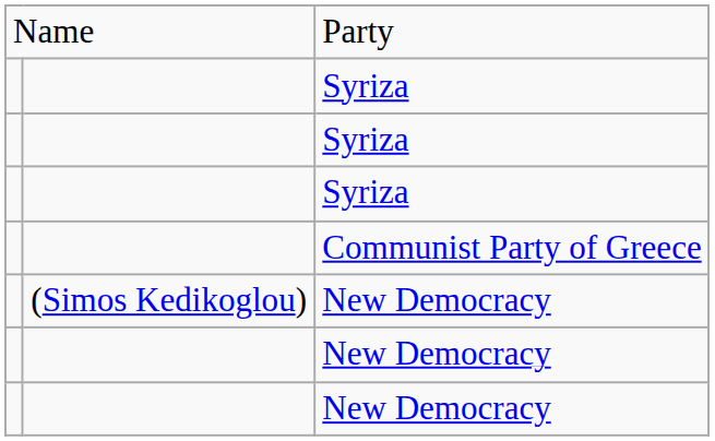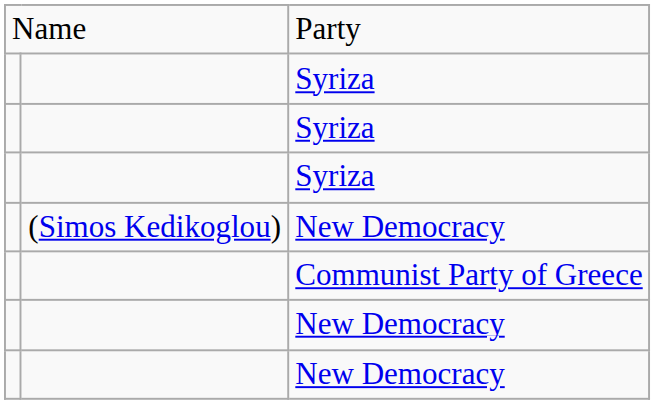 <table class="wikitable">
 <tr>
 <td colspan="2">Name</td>
 <td>Party</td>
 </tr>
 <tr>
 <td width="1" style="color:inherit;background:"></td>
 <td></td>
 <td><a href='#'>Syriza</a></td>
 </tr>
 <tr>
 <td width="1" style="color:inherit;background:"></td>
 <td></td>
 <td><a href='#'>Syriza</a></td>
 </tr>
 <tr>
 <td width="1" style="color:inherit;background:"></td>
 <td></td>
 <td><a href='#'>Syriza</a></td>
 </tr>
 <tr>
 <td width="1" style="color:inherit;background:"></td>
-<td></td>
-<td><a href='#'>Communist Party of Greece</a></td>
+<td> (<a href='#'>Simos Kedikoglou</a>)</td>
+<td><a href='#'>New Democracy</a></td>
 </tr>
 <tr>
 <td width="1" style="color:inherit;background:"></td>
-<td> (<a href='#'>Simos Kedikoglou</a>)</td>
-<td><a href='#'>New Democracy</a></td>
+<td></td>
+<td><a href='#'>Communist Party of Greece</a></td>
 </tr>
 <tr>
 <td width="1" style="color:inherit;background:"></td>
 <td></td>
 <td><a href='#'>New Democracy</a></td>
 </tr>
 <tr>
 <td width="1" style="color:inherit;background:"></td>
 <td></td>
 <td><a href='#'>New Democracy</a></td>
 </tr>
 </table>
